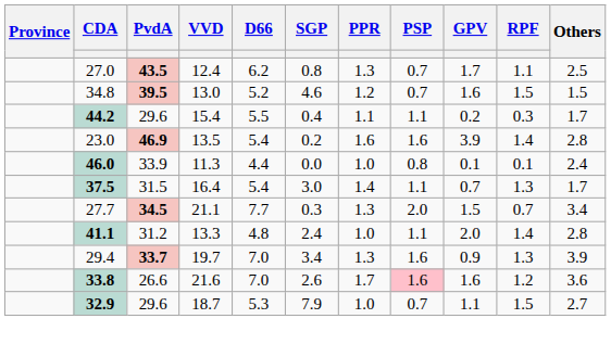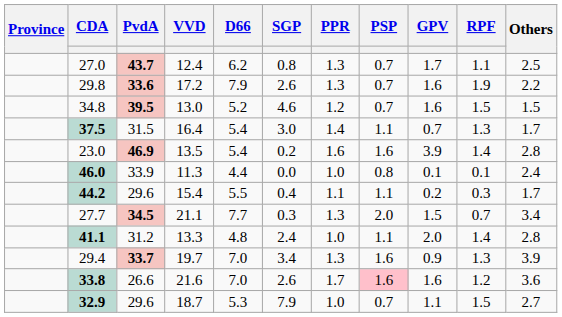 <table class="wikitable sortable" style="text-align:center;font-size:90%;line-height:14px">
 <tr style="height:40px;">
 <th rowspan="2"><a href='#'>Province</a></th>
 <th style="width:40px;"><a href='#'>CDA</a></th>
 <th style="width:40px;"><a href='#'>PvdA</a></th>
 <th style="width:40px;"><a href='#'>VVD</a></th>
 <th style="width:40px;"><a href='#'>D66</a></th>
 <th style="width:40px;"><a href='#'>SGP</a></th>
 <th style="width:40px;"><a href='#'>PPR</a></th>
 <th style="width:40px;"><a href='#'>PSP</a></th>
 <th style="width:40px;"><a href='#'>GPV</a></th>
 <th style="width:40px;"><a href='#'>RPF</a></th>
 <th style="width:40px;" rowspan="2">Others</th>
 </tr>
 <tr>
 <th style="background:"></th>
 <th style="background:"></th>
 <th style="background:"></th>
 <th style="background:"></th>
 <th style="background:"></th>
 <th style="background:"></th>
 <th style="background:"></th>
 <th style="background:"></th>
 <th style="background:"></th>
 </tr>
 <tr>
 <td align="left"></td>
 <td>27.0</td>
-<td style="background:#F6C5C1;"><strong>43.5</strong></td>
+<td style="background:#F6C5C1;"><strong>43.7</strong></td>
 <td>12.4</td>
 <td>6.2</td>
 <td>0.8</td>
 <td>1.3</td>
 <td>0.7</td>
 <td>1.7</td>
 <td>1.1</td>
 <td>2.5</td>
+</tr>
+<tr>
+<td align="left"></td>
+<td>29.8</td>
+<td style="background:#F6C5C1;"><strong>33.6</strong></td>
+<td>17.2</td>
+<td>7.9</td>
+<td>2.6</td>
+<td>1.3</td>
+<td>0.7</td>
+<td>1.6</td>
+<td>1.9</td>
+<td>2.2</td>
 </tr>
 <tr>
 <td align="left"></td>
 <td>34.8</td>
 <td style="background:#F6C5C1;"><strong>39.5</strong></td>
 <td>13.0</td>
 <td>5.2</td>
 <td>4.6</td>
 <td>1.2</td>
 <td>0.7</td>
 <td>1.6</td>
 <td>1.5</td>
 <td>1.5</td>
 </tr>
 <tr>
 <td align="left"></td>
-<td style="background:#BADBD3;"><strong>44.2</strong></td>
-<td>29.6</td>
-<td>15.4</td>
-<td>5.5</td>
-<td>0.4</td>
+<td style="background:#BADBD3;"><strong>37.5</strong></td>
+<td>31.5</td>
+<td>16.4</td>
+<td>5.4</td>
+<td>3.0</td>
+<td>1.4</td>
 <td>1.1</td>
-<td>1.1</td>
-<td>0.2</td>
-<td>0.3</td>
+<td>0.7</td>
+<td>1.3</td>
 <td>1.7</td>
 </tr>
 <tr>
 <td align="left"></td>
 <td>23.0</td>
 <td style="background:#F6C5C1;"><strong>46.9</strong></td>
 <td>13.5</td>
 <td>5.4</td>
 <td>0.2</td>
 <td>1.6</td>
 <td>1.6</td>
 <td>3.9</td>
 <td>1.4</td>
 <td>2.8</td>
 </tr>
 <tr>
 <td align="left"></td>
 <td style="background:#BADBD3;"><strong>46.0</strong></td>
 <td>33.9</td>
 <td>11.3</td>
 <td>4.4</td>
 <td>0.0</td>
 <td>1.0</td>
 <td>0.8</td>
 <td>0.1</td>
 <td>0.1</td>
 <td>2.4</td>
 </tr>
 <tr>
 <td align="left"></td>
-<td style="background:#BADBD3;"><strong>37.5</strong></td>
-<td>31.5</td>
-<td>16.4</td>
-<td>5.4</td>
-<td>3.0</td>
-<td>1.4</td>
+<td style="background:#BADBD3;"><strong>44.2</strong></td>
+<td>29.6</td>
+<td>15.4</td>
+<td>5.5</td>
+<td>0.4</td>
 <td>1.1</td>
-<td>0.7</td>
-<td>1.3</td>
+<td>1.1</td>
+<td>0.2</td>
+<td>0.3</td>
 <td>1.7</td>
 </tr>
 <tr>
 <td align="left"></td>
 <td>27.7</td>
 <td style="background:#F6C5C1;"><strong>34.5</strong></td>
 <td>21.1</td>
 <td>7.7</td>
 <td>0.3</td>
 <td>1.3</td>
 <td>2.0</td>
 <td>1.5</td>
 <td>0.7</td>
 <td>3.4</td>
 </tr>
 <tr>
 <td align="left"></td>
 <td style="background:#BADBD3;"><strong>41.1</strong></td>
 <td>31.2</td>
 <td>13.3</td>
 <td>4.8</td>
 <td>2.4</td>
 <td>1.0</td>
 <td>1.1</td>
 <td>2.0</td>
 <td>1.4</td>
 <td>2.8</td>
 </tr>
 <tr>
 <td align="left"></td>
 <td>29.4</td>
 <td style="background:#F6C5C1;"><strong>33.7</strong></td>
 <td>19.7</td>
 <td>7.0</td>
 <td>3.4</td>
 <td>1.3</td>
 <td>1.6</td>
 <td>0.9</td>
 <td>1.3</td>
 <td>3.9</td>
 </tr>
 <tr>
 <td align="left"></td>
 <td style="background:#BADBD3;"><strong>33.8</strong></td>
 <td>26.6</td>
 <td>21.6</td>
 <td>7.0</td>
 <td>2.6</td>
 <td>1.7</td>
 <td style="background: pink;">1.6</td>
 <td>1.6</td>
 <td>1.2</td>
 <td>3.6</td>
 </tr>
 <tr>
 <td align="left"></td>
 <td style="background:#BADBD3;"><strong>32.9</strong></td>
 <td>29.6</td>
 <td>18.7</td>
 <td>5.3</td>
 <td>7.9</td>
 <td>1.0</td>
 <td>0.7</td>
 <td>1.1</td>
 <td>1.5</td>
 <td>2.7</td>
 </tr>
 </table>
